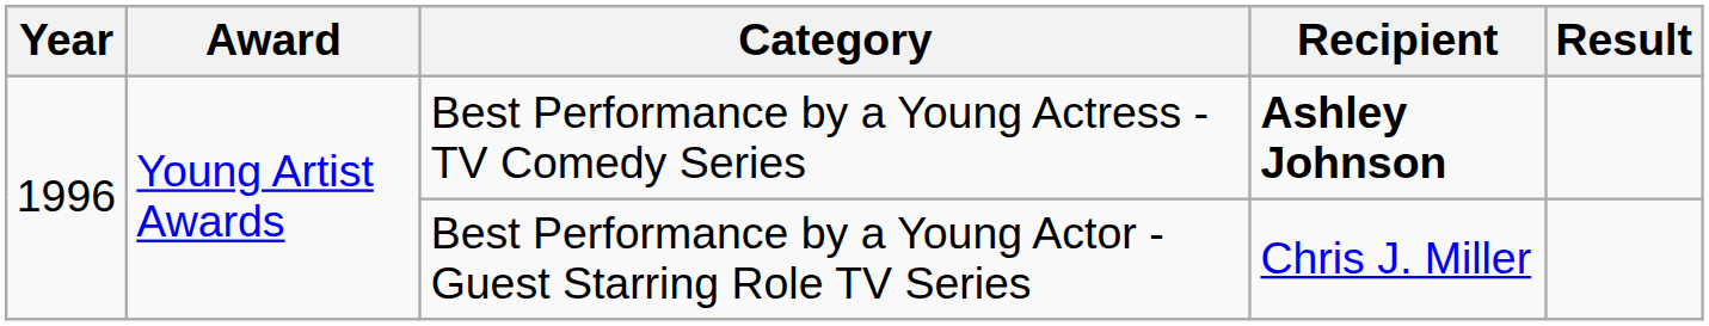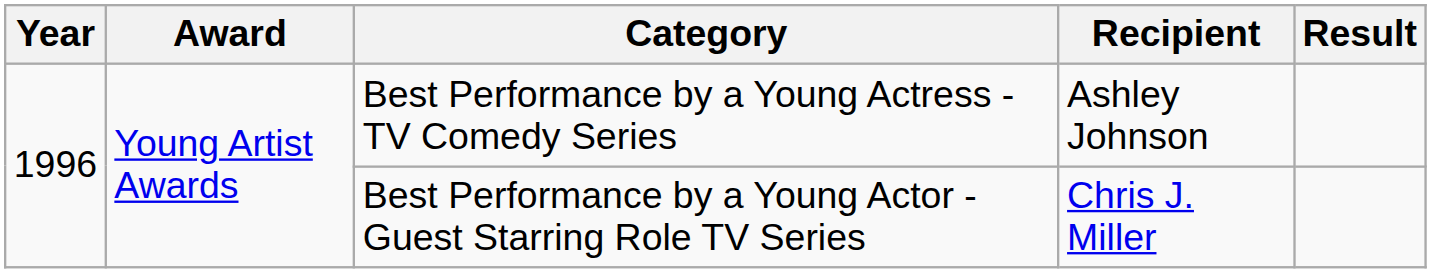 <table class="wikitable">
 <tr>
 <th>Year</th>
 <th>Award</th>
 <th>Category</th>
 <th>Recipient</th>
 <th>Result</th>
 </tr>
 <tr>
 <td rowspan=2>1996</td>
 <td rowspan=2><a href='#'>Young Artist Awards</a></td>
 <td>Best Performance by a Young Actress - TV Comedy Series</td>
-<td><strong>Ashley Johnson</strong></td>
+<td>Ashley Johnson</td>
 <td></td>
 </tr>
 <tr>
 <td>Best Performance by a Young Actor - Guest Starring Role TV Series</td>
 <td><a href='#'>Chris J. Miller</a></td>
 <td></td>
 </tr>
 </table>
